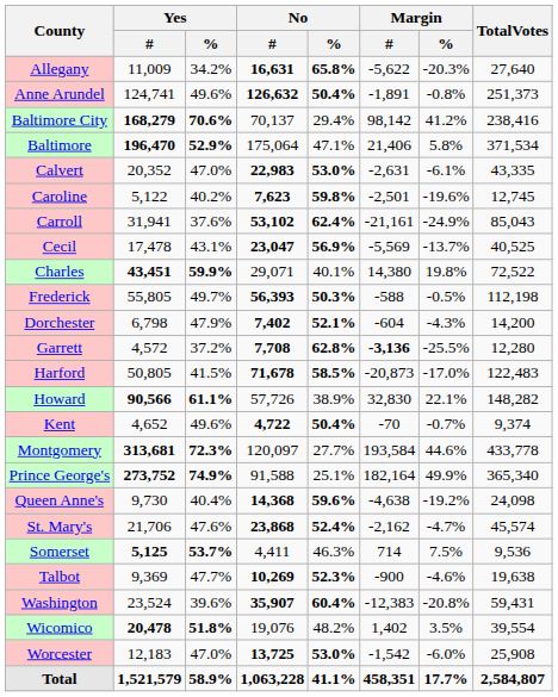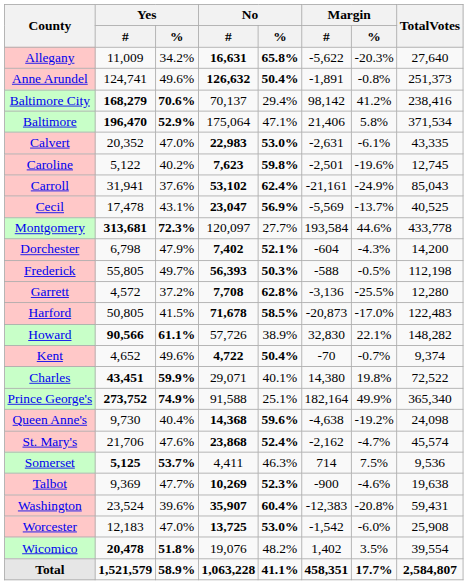 <table class="wikitable sortable" style="text-align:center">
 <tr style="background:lightgrey;">
 <th rowspan="2">County</th>
 <th colspan="2">Yes</th>
 <th colspan="2">No</th>
 <th colspan="2">Margin</th>
 <th rowspan="2">TotalVotes</th>
 </tr>
 <tr>
 <th>#</th>
 <th>%</th>
 <th>#</th>
 <th>%</th>
 <th>#</th>
 <th>%</th>
 </tr>
 <tr>
 <td style="text-align:center; background:#ffc8c8;"><a href='#'>Allegany</a></td>
 <td style="text-align:center;">11,009</td>
 <td style="text-align:center;">34.2%</td>
 <td style="text-align:center;"><strong>16,631</strong></td>
 <td style="text-align:center;"><strong>65.8%</strong></td>
 <td style="text-align:center;">-5,622</td>
 <td style="text-align:center;">-20.3%</td>
 <td style="text-align:center;">27,640</td>
 </tr>
 <tr>
 <td style="text-align:center; background:#ffc8c8;"><a href='#'>Anne Arundel</a></td>
 <td style="text-align:center;">124,741</td>
 <td style="text-align:center;">49.6%</td>
 <td style="text-align:center;"><strong>126,632</strong></td>
 <td style="text-align:center;"><strong>50.4%</strong></td>
 <td style="text-align:center;">-1,891</td>
 <td style="text-align:center;">-0.8%</td>
 <td style="text-align:center;">251,373</td>
 </tr>
 <tr>
 <td style="text-align:center; background:#c8ffc8;"><a href='#'>Baltimore City</a></td>
 <td style="text-align:center;"><strong>168,279</strong></td>
 <td style="text-align:center;"><strong>70.6%</strong></td>
 <td style="text-align:center;">70,137</td>
 <td style="text-align:center;">29.4%</td>
 <td style="text-align:center;">98,142</td>
 <td style="text-align:center;">41.2%</td>
 <td style="text-align:center;">238,416</td>
 </tr>
 <tr>
 <td style="text-align:center; background:#c8ffc8;"><a href='#'>Baltimore</a></td>
 <td style="text-align:center;"><strong>196,470</strong></td>
 <td style="text-align:center;"><strong>52.9%</strong></td>
 <td style="text-align:center;">175,064</td>
 <td style="text-align:center;">47.1%</td>
 <td style="text-align:center;">21,406</td>
 <td style="text-align:center;">5.8%</td>
 <td style="text-align:center;">371,534</td>
 </tr>
 <tr>
 <td style="text-align:center; background:#ffc8c8;"><a href='#'>Calvert</a></td>
 <td style="text-align:center;">20,352</td>
 <td style="text-align:center;">47.0%</td>
 <td style="text-align:center;"><strong>22,983</strong></td>
 <td style="text-align:center;"><strong>53.0%</strong></td>
 <td style="text-align:center;">-2,631</td>
 <td style="text-align:center;">-6.1%</td>
 <td style="text-align:center;">43,335</td>
 </tr>
 <tr>
 <td style="text-align:center; background:#ffc8c8;"><a href='#'>Caroline</a></td>
 <td style="text-align:center;">5,122</td>
 <td style="text-align:center;">40.2%</td>
 <td style="text-align:center;"><strong>7,623</strong></td>
 <td style="text-align:center;"><strong>59.8%</strong></td>
 <td style="text-align:center;">-2,501</td>
 <td style="text-align:center;">-19.6%</td>
 <td style="text-align:center;">12,745</td>
 </tr>
 <tr>
 <td style="text-align:center; background:#ffc8c8;"><a href='#'>Carroll</a></td>
 <td style="text-align:center;">31,941</td>
 <td style="text-align:center;">37.6%</td>
 <td style="text-align:center;"><strong>53,102</strong></td>
 <td style="text-align:center;"><strong>62.4%</strong></td>
 <td style="text-align:center;">-21,161</td>
 <td style="text-align:center;">-24.9%</td>
 <td style="text-align:center;">85,043</td>
 </tr>
 <tr>
 <td style="text-align:center; background:#ffc8c8;"><a href='#'>Cecil</a></td>
 <td style="text-align:center;">17,478</td>
 <td style="text-align:center;">43.1%</td>
 <td style="text-align:center;"><strong>23,047</strong></td>
 <td style="text-align:center;"><strong>56.9%</strong></td>
 <td style="text-align:center;">-5,569</td>
 <td style="text-align:center;">-13.7%</td>
 <td style="text-align:center;">40,525</td>
 </tr>
 <tr>
-<td style="text-align:center; background:#c8ffc8;"><a href='#'>Charles</a></td>
-<td style="text-align:center;"><strong>43,451</strong></td>
-<td style="text-align:center;"><strong>59.9%</strong></td>
-<td style="text-align:center;">29,071</td>
-<td style="text-align:center;">40.1%</td>
-<td style="text-align:center;">14,380</td>
-<td style="text-align:center;">19.8%</td>
-<td style="text-align:center;">72,522</td>
+<td style="text-align:center; background:#c8ffc8;"><a href='#'>Montgomery</a></td>
+<td style="text-align:center;"><strong>313,681</strong></td>
+<td style="text-align:center;"><strong>72.3%</strong></td>
+<td style="text-align:center;">120,097</td>
+<td style="text-align:center;">27.7%</td>
+<td style="text-align:center;">193,584</td>
+<td style="text-align:center;">44.6%</td>
+<td style="text-align:center;">433,778</td>
+</tr>
+<tr>
+<td style="text-align:center; background:#ffc8c8;"><a href='#'>Dorchester</a></td>
+<td style="text-align:center;">6,798</td>
+<td style="text-align:center;">47.9%</td>
+<td style="text-align:center;"><strong>7,402</strong></td>
+<td style="text-align:center;"><strong>52.1%</strong></td>
+<td style="text-align:center;">-604</td>
+<td style="text-align:center;">-4.3%</td>
+<td style="text-align:center;">14,200</td>
 </tr>
 <tr>
 <td style="text-align:center; background:#ffc8c8;"><a href='#'>Frederick</a></td>
 <td style="text-align:center;">55,805</td>
 <td style="text-align:center;">49.7%</td>
 <td style="text-align:center;"><strong>56,393</strong></td>
 <td style="text-align:center;"><strong>50.3%</strong></td>
 <td style="text-align:center;">-588</td>
 <td style="text-align:center;">-0.5%</td>
 <td style="text-align:center;">112,198</td>
 </tr>
 <tr>
-<td style="text-align:center; background:#ffc8c8;"><a href='#'>Dorchester</a></td>
-<td style="text-align:center;">6,798</td>
-<td style="text-align:center;">47.9%</td>
-<td style="text-align:center;"><strong>7,402</strong></td>
-<td style="text-align:center;"><strong>52.1%</strong></td>
-<td style="text-align:center;">-604</td>
-<td style="text-align:center;">-4.3%</td>
-<td style="text-align:center;">14,200</td>
-</tr>
-<tr>
 <td style="text-align:center; background:#ffc8c8;"><a href='#'>Garrett</a></td>
 <td style="text-align:center;">4,572</td>
 <td style="text-align:center;">37.2%</td>
 <td style="text-align:center;"><strong>7,708</strong></td>
 <td style="text-align:center;"><strong>62.8%</strong></td>
-<td style="text-align:center;"><strong>-3,136</strong></td>
+<td style="text-align:center;">-3,136</td>
 <td style="text-align:center;">-25.5%</td>
 <td style="text-align:center;">12,280</td>
 </tr>
 <tr>
 <td style="text-align:center; background:#ffc8c8;"><a href='#'>Harford</a></td>
 <td style="text-align:center;">50,805</td>
 <td style="text-align:center;">41.5%</td>
 <td style="text-align:center;"><strong>71,678</strong></td>
 <td style="text-align:center;"><strong>58.5%</strong></td>
 <td style="text-align:center;">-20,873</td>
 <td style="text-align:center;">-17.0%</td>
 <td style="text-align:center;">122,483</td>
 </tr>
 <tr>
 <td style="text-align:center; background:#c8ffc8;"><a href='#'>Howard</a></td>
 <td style="text-align:center;"><strong>90,566</strong></td>
 <td style="text-align:center;"><strong>61.1%</strong></td>
 <td style="text-align:center;">57,726</td>
 <td style="text-align:center;">38.9%</td>
 <td style="text-align:center;">32,830</td>
 <td style="text-align:center;">22.1%</td>
 <td style="text-align:center;">148,282</td>
 </tr>
 <tr>
 <td style="text-align:center; background:#ffc8c8;"><a href='#'>Kent</a></td>
 <td style="text-align:center;">4,652</td>
 <td style="text-align:center;">49.6%</td>
 <td style="text-align:center;"><strong>4,722</strong></td>
 <td style="text-align:center;"><strong>50.4%</strong></td>
 <td style="text-align:center;">-70</td>
 <td style="text-align:center;">-0.7%</td>
 <td style="text-align:center;">9,374</td>
 </tr>
 <tr>
-<td style="text-align:center; background:#c8ffc8;"><a href='#'>Montgomery</a></td>
-<td style="text-align:center;"><strong>313,681</strong></td>
-<td style="text-align:center;"><strong>72.3%</strong></td>
-<td style="text-align:center;">120,097</td>
-<td style="text-align:center;">27.7%</td>
-<td style="text-align:center;">193,584</td>
-<td style="text-align:center;">44.6%</td>
-<td style="text-align:center;">433,778</td>
+<td style="text-align:center; background:#c8ffc8;"><a href='#'>Charles</a></td>
+<td style="text-align:center;"><strong>43,451</strong></td>
+<td style="text-align:center;"><strong>59.9%</strong></td>
+<td style="text-align:center;">29,071</td>
+<td style="text-align:center;">40.1%</td>
+<td style="text-align:center;">14,380</td>
+<td style="text-align:center;">19.8%</td>
+<td style="text-align:center;">72,522</td>
 </tr>
 <tr>
 <td style="text-align:center; background:#c8ffc8;"><a href='#'>Prince George's</a></td>
 <td style="text-align:center;"><strong>273,752</strong></td>
 <td style="text-align:center;"><strong>74.9%</strong></td>
 <td style="text-align:center;">91,588</td>
 <td style="text-align:center;">25.1%</td>
 <td style="text-align:center;">182,164</td>
 <td style="text-align:center;">49.9%</td>
 <td style="text-align:center;">365,340</td>
 </tr>
 <tr>
 <td style="text-align:center; background:#ffc8c8;"><a href='#'>Queen Anne's</a></td>
 <td style="text-align:center;">9,730</td>
 <td style="text-align:center;">40.4%</td>
 <td style="text-align:center;"><strong>14,368</strong></td>
 <td style="text-align:center;"><strong>59.6%</strong></td>
 <td style="text-align:center;">-4,638</td>
 <td style="text-align:center;">-19.2%</td>
 <td style="text-align:center;">24,098</td>
 </tr>
 <tr>
 <td style="text-align:center; background:#ffc8c8;"><a href='#'>St. Mary's</a></td>
 <td style="text-align:center;">21,706</td>
 <td style="text-align:center;">47.6%</td>
 <td style="text-align:center;"><strong>23,868</strong></td>
 <td style="text-align:center;"><strong>52.4%</strong></td>
 <td style="text-align:center;">-2,162</td>
 <td style="text-align:center;">-4.7%</td>
 <td style="text-align:center;">45,574</td>
 </tr>
 <tr>
 <td style="text-align:center; background:#c8ffc8;"><a href='#'>Somerset</a></td>
 <td style="text-align:center;"><strong>5,125</strong></td>
 <td style="text-align:center;"><strong>53.7%</strong></td>
 <td style="text-align:center;">4,411</td>
 <td style="text-align:center;">46.3%</td>
 <td style="text-align:center;">714</td>
 <td style="text-align:center;">7.5%</td>
 <td style="text-align:center;">9,536</td>
 </tr>
 <tr>
 <td style="text-align:center; background:#ffc8c8;"><a href='#'>Talbot</a></td>
 <td style="text-align:center;">9,369</td>
 <td style="text-align:center;">47.7%</td>
 <td style="text-align:center;"><strong>10,269</strong></td>
 <td style="text-align:center;"><strong>52.3%</strong></td>
 <td style="text-align:center;">-900</td>
 <td style="text-align:center;">-4.6%</td>
 <td style="text-align:center;">19,638</td>
 </tr>
 <tr>
 <td style="text-align:center; background:#ffc8c8;"><a href='#'>Washington</a></td>
 <td style="text-align:center;">23,524</td>
 <td style="text-align:center;">39.6%</td>
 <td style="text-align:center;"><strong>35,907</strong></td>
 <td style="text-align:center;"><strong>60.4%</strong></td>
 <td style="text-align:center;">-12,383</td>
 <td style="text-align:center;">-20.8%</td>
 <td style="text-align:center;">59,431</td>
 </tr>
 <tr>
+<td style="text-align:center; background:#ffc8c8;"><a href='#'>Worcester</a></td>
+<td style="text-align:center;">12,183</td>
+<td style="text-align:center;">47.0%</td>
+<td style="text-align:center;"><strong>13,725</strong></td>
+<td style="text-align:center;"><strong>53.0%</strong></td>
+<td style="text-align:center;">-1,542</td>
+<td style="text-align:center;">-6.0%</td>
+<td style="text-align:center;">25,908</td>
+</tr>
+<tr>
 <td style="text-align:center; background:#c8ffc8;"><a href='#'>Wicomico</a></td>
 <td style="text-align:center;"><strong>20,478</strong></td>
 <td style="text-align:center;"><strong>51.8%</strong></td>
 <td style="text-align:center;">19,076</td>
 <td style="text-align:center;">48.2%</td>
 <td style="text-align:center;">1,402</td>
 <td style="text-align:center;">3.5%</td>
 <td style="text-align:center;">39,554</td>
-</tr>
-<tr>
-<td style="text-align:center; background:#ffc8c8;"><a href='#'>Worcester</a></td>
-<td style="text-align:center;">12,183</td>
-<td style="text-align:center;">47.0%</td>
-<td style="text-align:center;"><strong>13,725</strong></td>
-<td style="text-align:center;"><strong>53.0%</strong></td>
-<td style="text-align:center;">-1,542</td>
-<td style="text-align:center;">-6.0%</td>
-<td style="text-align:center;">25,908</td>
 </tr>
 <tr class="sortbottom">
 <td style="background-color:#E6E6E6;"><strong>Total</strong></td>
 <td><strong>1,521,579</strong></td>
 <td><strong>58.9%</strong></td>
 <td><strong>1,063,228</strong></td>
 <td><strong>41.1%</strong></td>
 <td><strong>458,351</strong></td>
 <td><strong>17.7%</strong></td>
 <td><strong>2,584,807</strong></td>
 </tr>
 </table>
